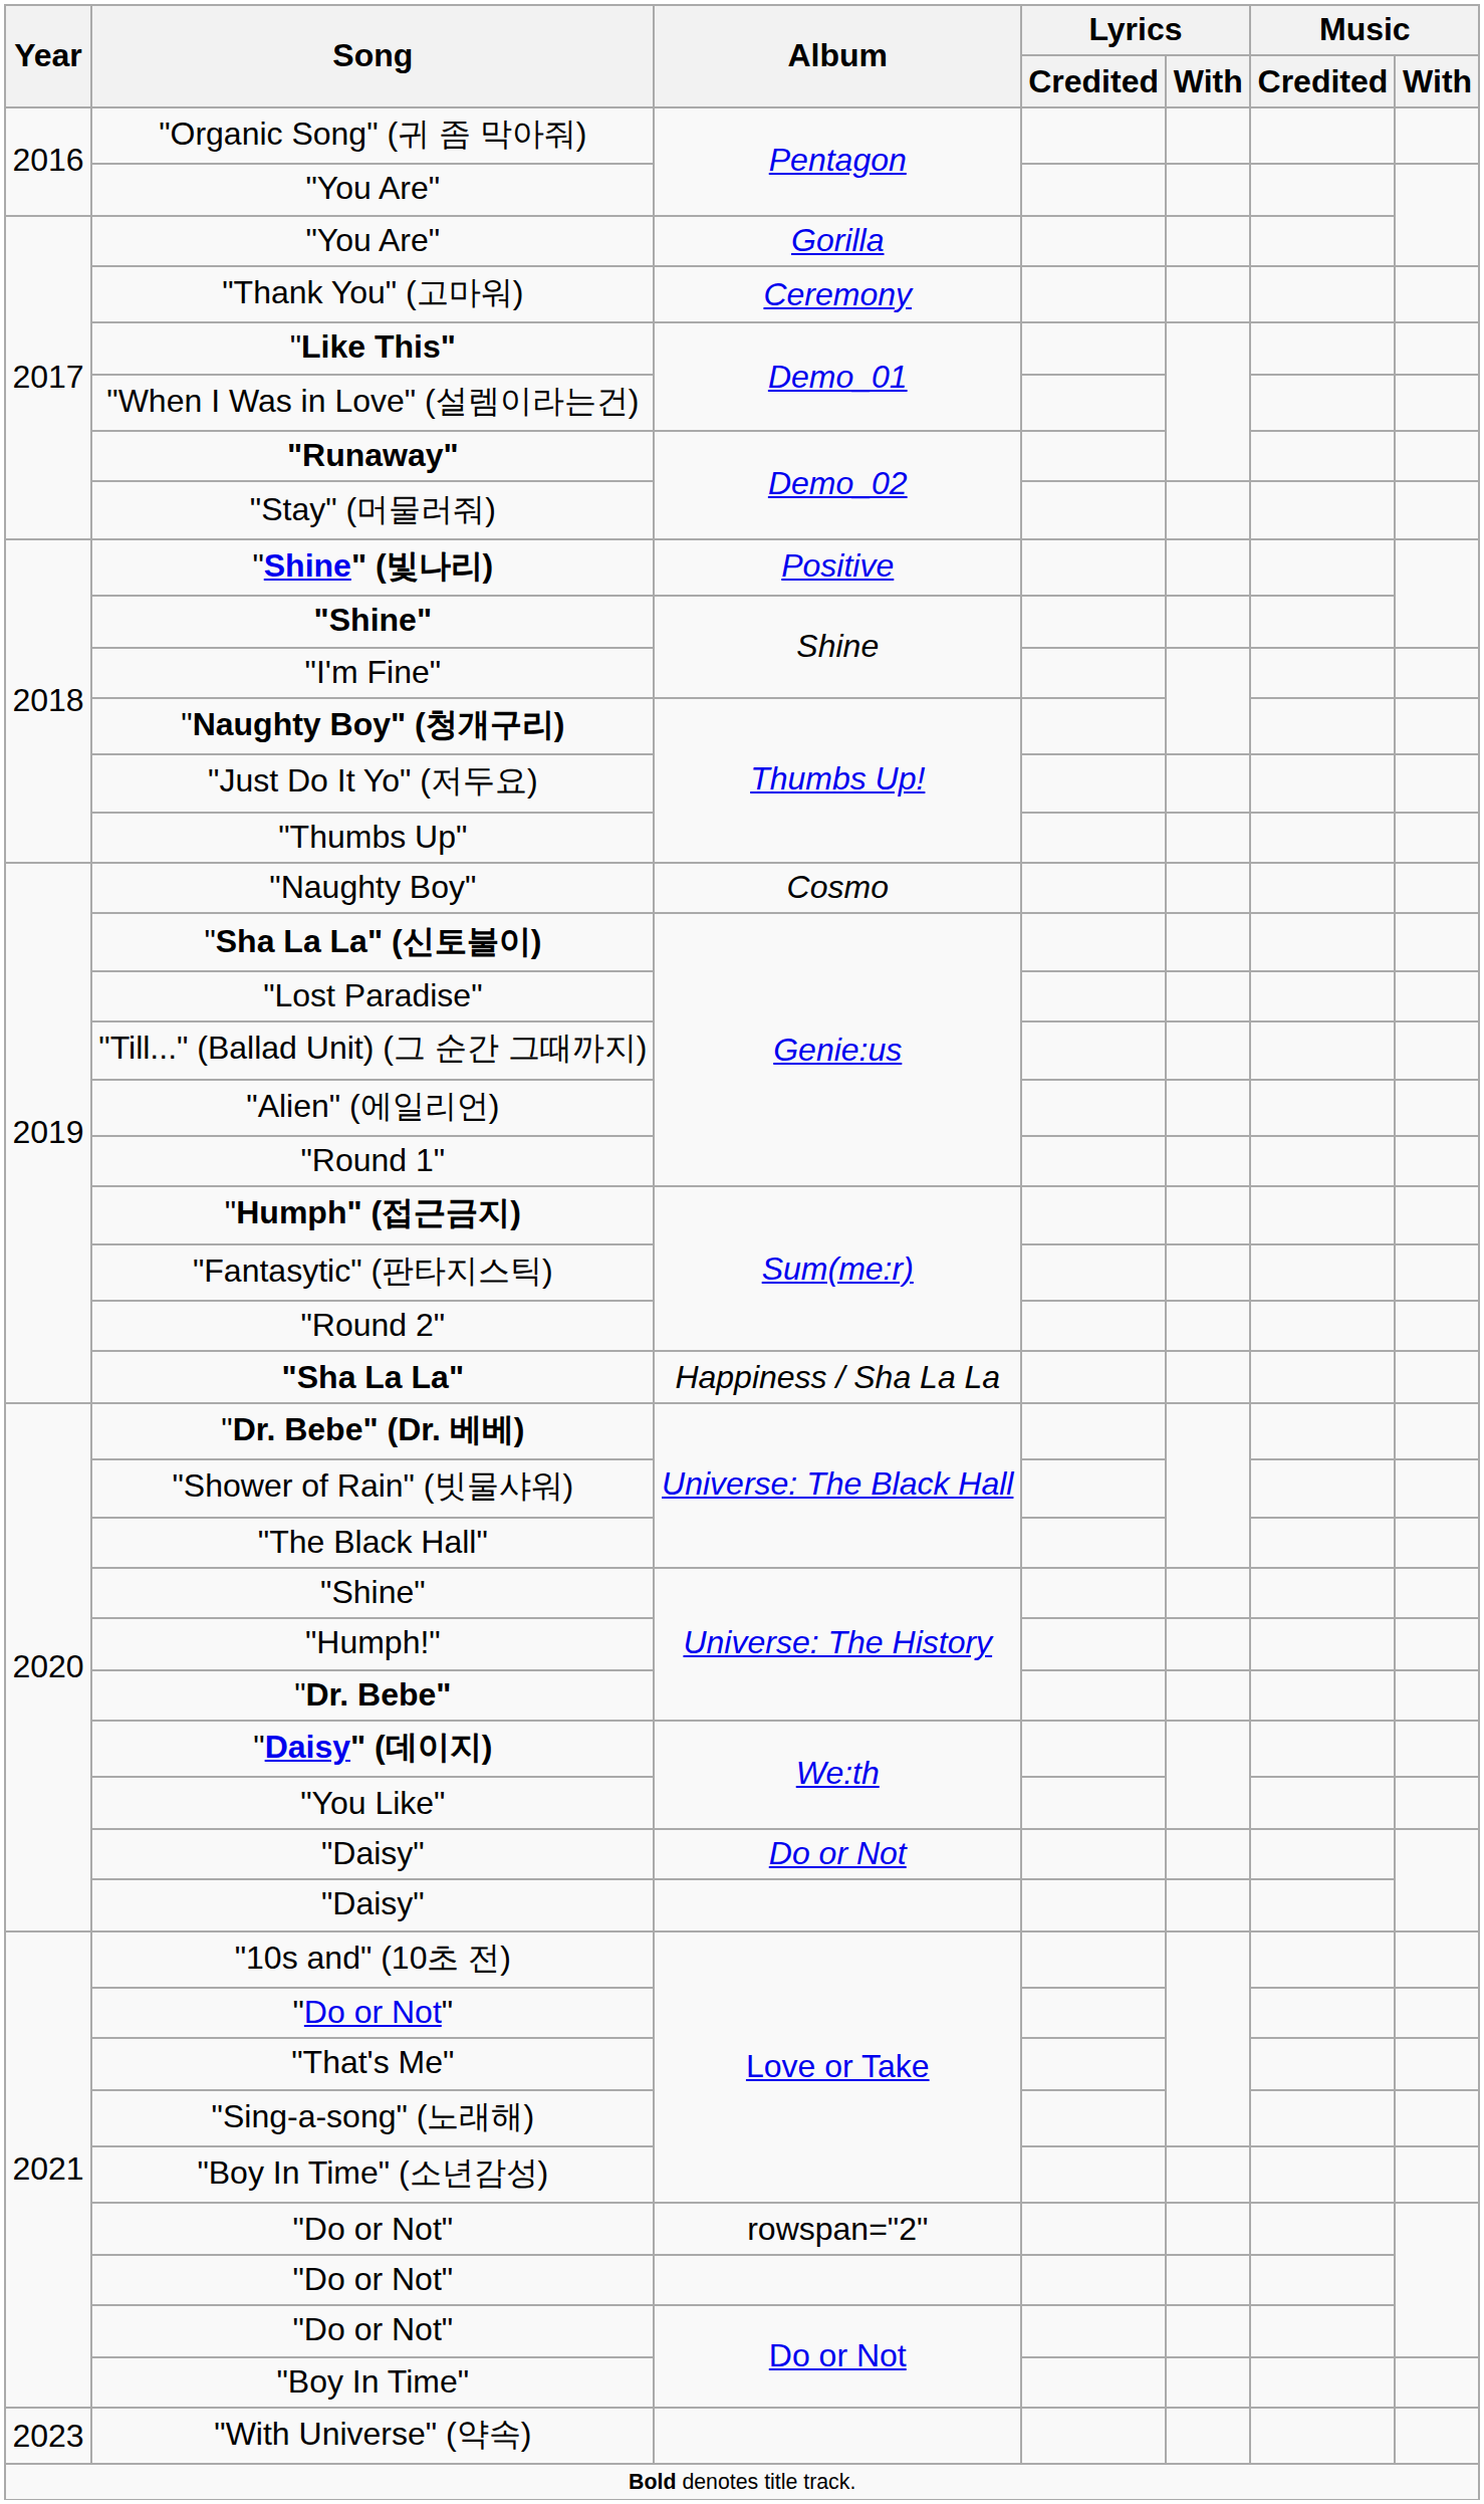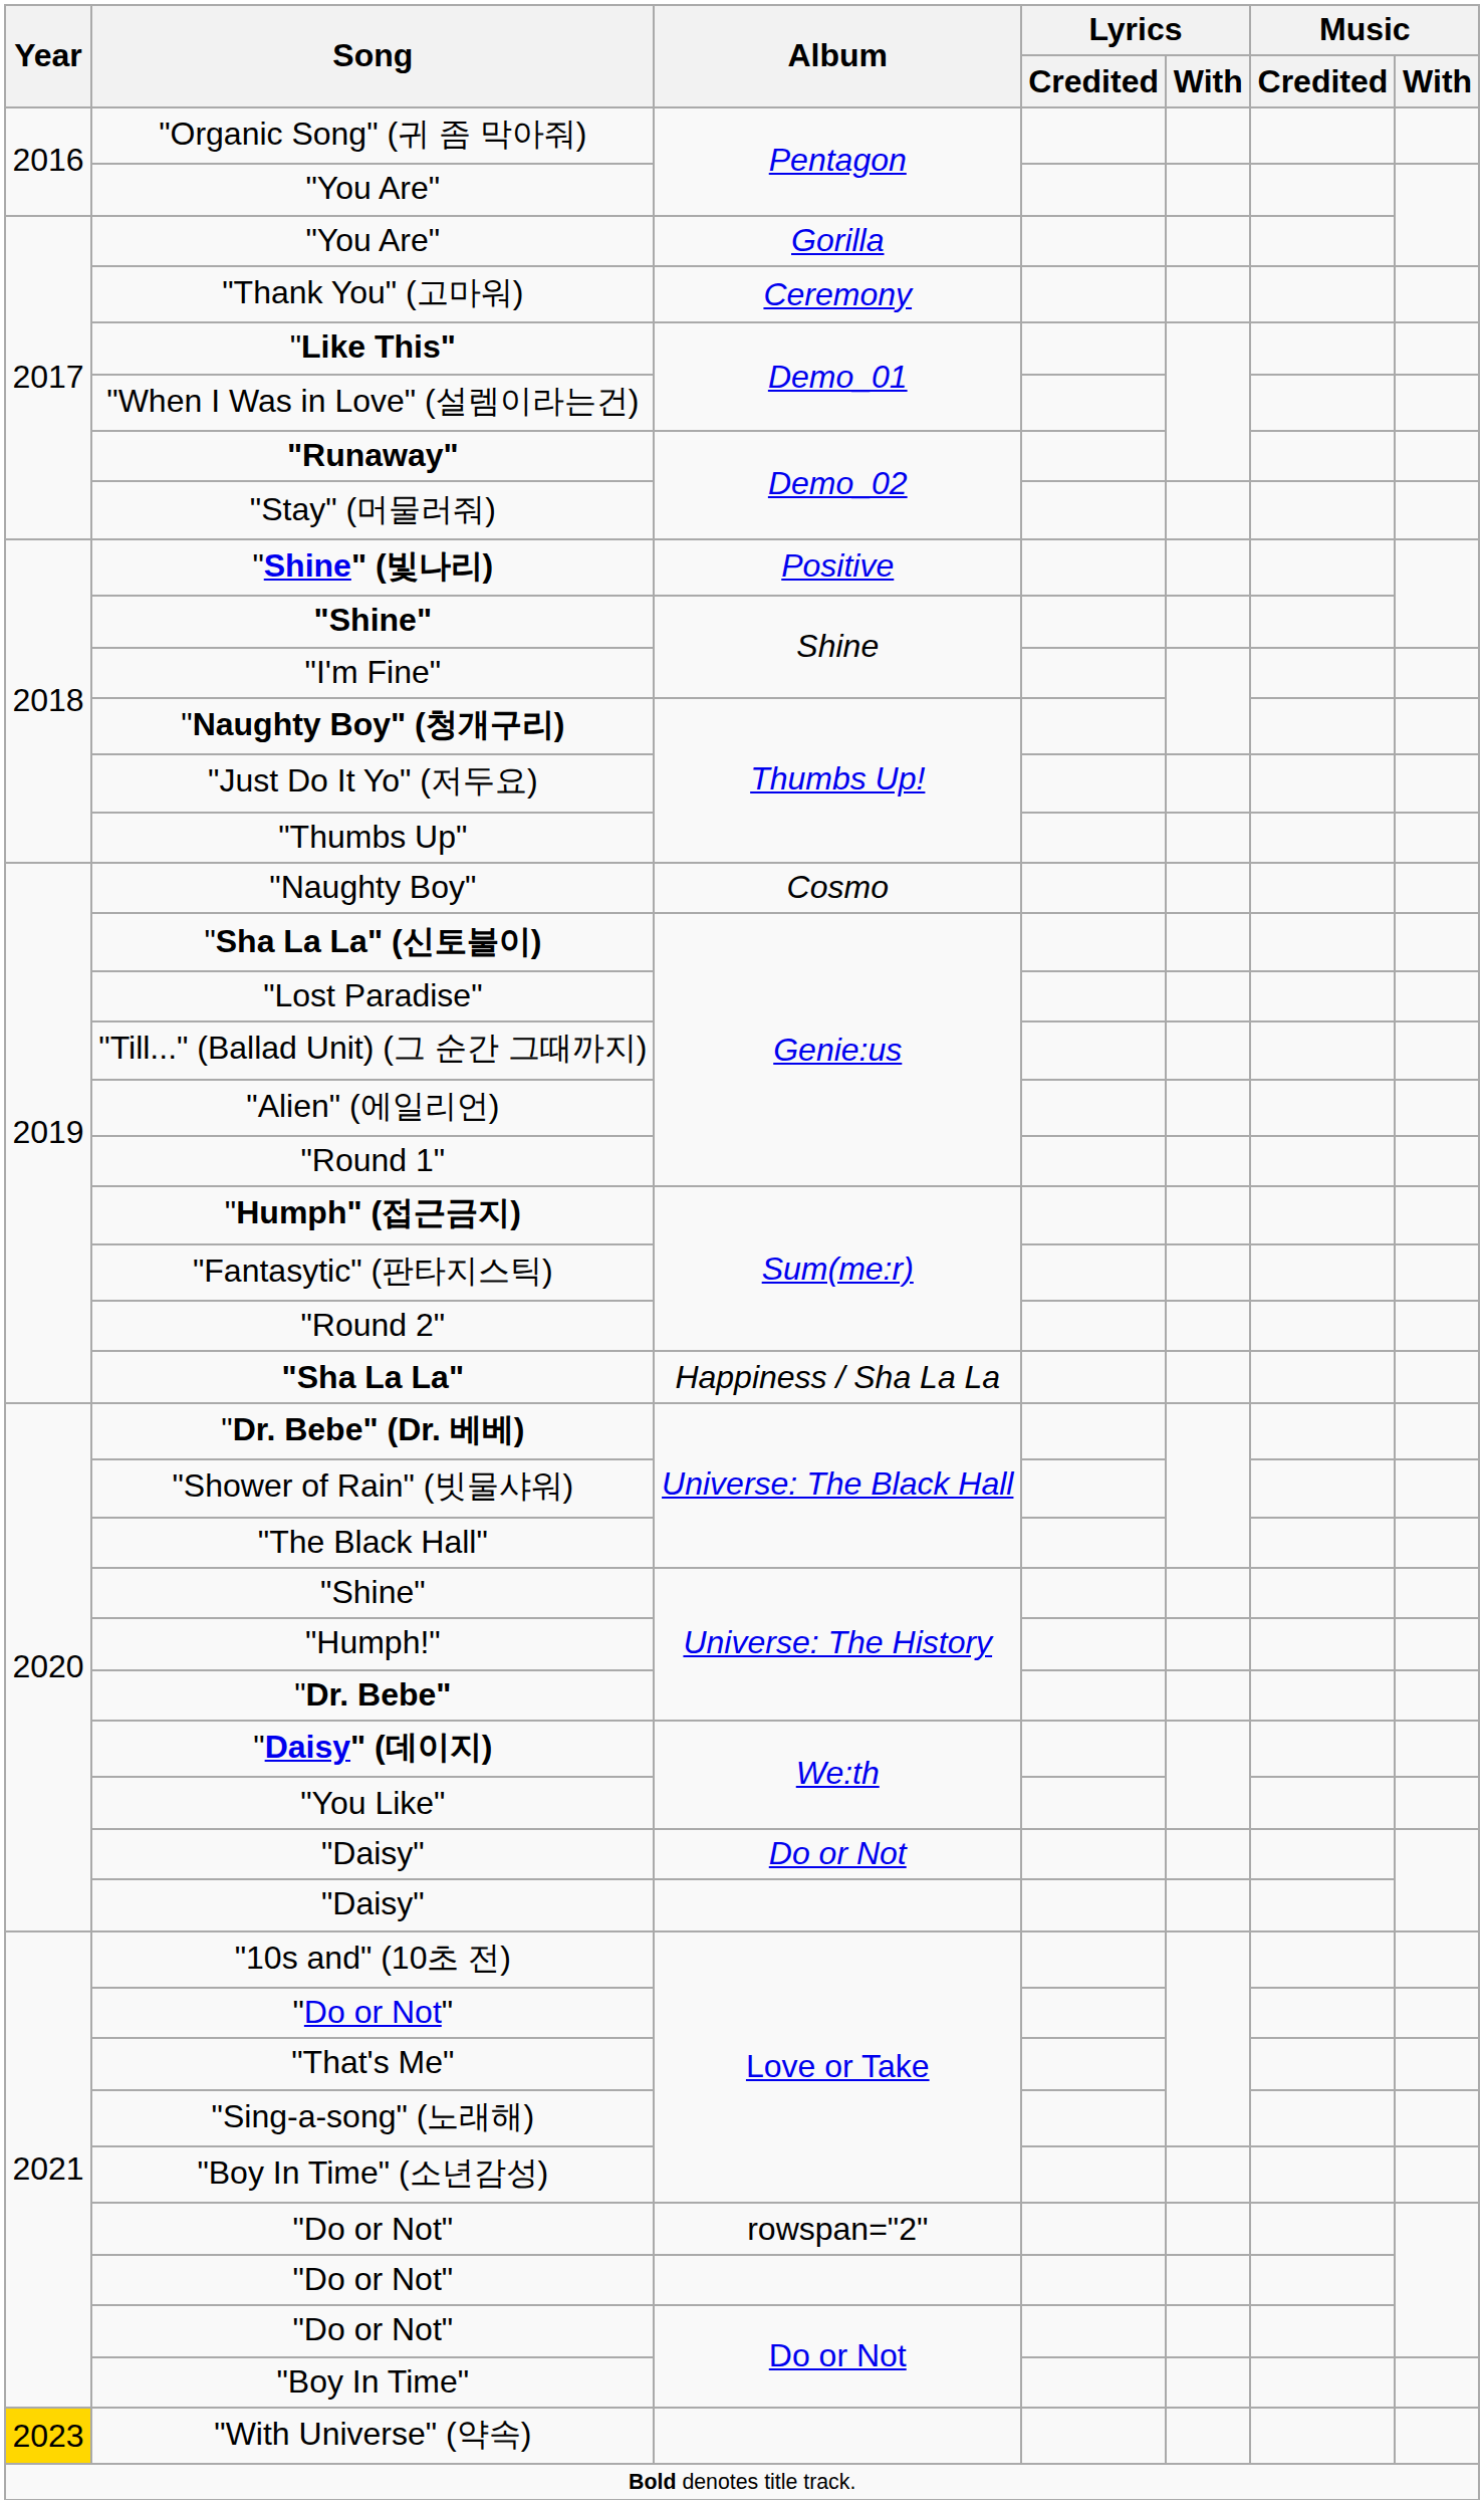 <table class="wikitable" style="text-align:center;">
 <tr>
 <th rowspan="2">Year</th>
 <th rowspan="2">Song</th>
 <th rowspan="2">Album</th>
 <th colspan="2">Lyrics</th>
 <th colspan="2">Music</th>
 </tr>
 <tr>
 <th>Credited</th>
 <th>With</th>
 <th>Credited</th>
 <th>With</th>
 </tr>
 <tr>
 <td rowspan="2">2016</td>
 <td>"Organic Song" (귀 좀 막아줘)</td>
 <td rowspan="2"><em><a href='#'>Pentagon</a></em></td>
 <td></td>
 <td></td>
 <td></td>
 <td></td>
 </tr>
 <tr>
 <td>"You Are"</td>
 <td></td>
 <td></td>
 <td></td>
 <td rowspan="2"></td>
 </tr>
 <tr>
 <td rowspan="6">2017</td>
 <td>"You Are" <strong></strong></td>
 <td><em><a href='#'>Gorilla</a></em></td>
 <td></td>
 <td></td>
 <td></td>
 </tr>
 <tr>
 <td>"Thank You" (고마워)</td>
 <td><em><a href='#'>Ceremony</a></em></td>
 <td></td>
 <td></td>
 <td></td>
 <td></td>
 </tr>
 <tr>
 <td>"<strong>Like This"</strong></td>
 <td rowspan="2"><em><a href='#'>Demo_01</a></em></td>
 <td></td>
 <td rowspan="3"></td>
 <td></td>
 <td></td>
 </tr>
 <tr>
 <td>"When I Was in Love" (설렘이라는건)</td>
 <td></td>
 <td></td>
 <td></td>
 </tr>
 <tr>
 <td><strong>"Runaway"</strong></td>
 <td rowspan="2"><em><a href='#'>Demo_02</a></em></td>
 <td></td>
 <td></td>
 <td></td>
 </tr>
 <tr>
 <td>"Stay" (머물러줘)</td>
 <td></td>
 <td></td>
 <td></td>
 <td></td>
 </tr>
 <tr>
 <td rowspan="6">2018</td>
 <td>"<strong><a href='#'>Shine</a>" (빛나리)</strong></td>
 <td><em><a href='#'>Positive</a></em></td>
 <td></td>
 <td></td>
 <td></td>
 <td rowspan="2"></td>
 </tr>
 <tr>
 <td><strong>"Shine" </strong></td>
 <td rowspan="2"><em>Shine</em></td>
 <td></td>
 <td></td>
 <td></td>
 </tr>
 <tr>
 <td>"I'm Fine"</td>
 <td></td>
 <td rowspan="2"></td>
 <td></td>
 <td></td>
 </tr>
 <tr>
 <td>"<strong>Naughty Boy" (청개구리)</strong></td>
 <td rowspan="3"><em><a href='#'>Thumbs Up!</a></em></td>
 <td></td>
 <td></td>
 <td></td>
 </tr>
 <tr>
 <td>"Just Do It Yo" (저두요)</td>
 <td></td>
 <td></td>
 <td></td>
 <td></td>
 </tr>
 <tr>
 <td>"Thumbs Up"</td>
 <td></td>
 <td></td>
 <td></td>
 <td></td>
 </tr>
 <tr>
 <td rowspan="10">2019</td>
 <td>"Naughty Boy" </td>
 <td><em>Cosmo</em></td>
 <td></td>
 <td></td>
 <td></td>
 <td></td>
 </tr>
 <tr>
 <td>"<strong>Sha La La" (신토불이)</strong></td>
 <td rowspan="5"><em><a href='#'>Genie:us</a></em></td>
 <td></td>
 <td></td>
 <td></td>
 <td></td>
 </tr>
 <tr>
 <td>"Lost Paradise" </td>
 <td></td>
 <td></td>
 <td></td>
 <td></td>
 </tr>
 <tr>
 <td>"Till..." (Ballad Unit) (그 순간 그때까지)</td>
 <td></td>
 <td></td>
 <td></td>
 <td></td>
 </tr>
 <tr>
 <td>"Alien" (에일리언)</td>
 <td></td>
 <td></td>
 <td></td>
 <td></td>
 </tr>
 <tr>
 <td>"Round 1"</td>
 <td></td>
 <td></td>
 <td></td>
 <td></td>
 </tr>
 <tr>
 <td>"<strong>Humph" (접근금지) </strong></td>
 <td rowspan="3"><em><a href='#'>Sum(me:r)</a></em></td>
 <td></td>
 <td></td>
 <td></td>
 <td></td>
 </tr>
 <tr>
 <td>"Fantasytic" (판타지스틱) </td>
 <td></td>
 <td></td>
 <td></td>
 <td></td>
 </tr>
 <tr>
 <td>"Round 2"</td>
 <td></td>
 <td></td>
 <td></td>
 <td></td>
 </tr>
 <tr>
 <td><strong>"Sha La La" </strong></td>
 <td><em>Happiness / Sha La La</em></td>
 <td></td>
 <td></td>
 <td></td>
 <td></td>
 </tr>
 <tr>
 <td rowspan="10">2020</td>
 <td>"<strong>Dr. Bebe" (Dr. 베베)</strong></td>
 <td rowspan="3"><em><a href='#'>Universe: The Black Hall</a></em></td>
 <td></td>
 <td rowspan="3"></td>
 <td></td>
 <td></td>
 </tr>
 <tr>
 <td>"Shower of Rain" (빗물샤워)</td>
 <td></td>
 <td></td>
 <td></td>
 </tr>
 <tr>
 <td>"The Black Hall"</td>
 <td></td>
 <td></td>
 <td></td>
 </tr>
 <tr>
 <td>"Shine" </td>
 <td rowspan="3"><em><a href='#'>Universe: The History</a></em></td>
 <td></td>
 <td></td>
 <td></td>
 <td></td>
 </tr>
 <tr>
 <td>"Humph!" </td>
 <td></td>
 <td></td>
 <td></td>
 <td></td>
 </tr>
 <tr>
 <td>"<strong>Dr. Bebe" </strong></td>
 <td></td>
 <td></td>
 <td></td>
 <td></td>
 </tr>
 <tr>
 <td>"<strong><a href='#'>Daisy</a>" (데이지)</strong></td>
 <td rowspan="2"><em><a href='#'>We:th</a></em></td>
 <td></td>
 <td rowspan="2"></td>
 <td></td>
 <td></td>
 </tr>
 <tr>
 <td>"You Like"</td>
 <td></td>
 <td></td>
 <td></td>
 </tr>
 <tr>
 <td>"Daisy" </td>
 <td><em><a href='#'>Do or Not</a><strong><strong><em></td>
 <td></td>
 <td></td>
 <td></td>
 <td rowspan="2"></td>
 </tr>
 <tr>
 <td>"Daisy" </td>
 <td></td>
 <td></td>
 <td></td>
 <td></td>
 </tr>
 <tr>
 <td rowspan="9">2021</td>
 <td>"10s and" (10초 전)</td>
 <td rowspan="5"></em><a href='#'>Love or Take</a><em></td>
 <td></td>
 <td rowspan="4"></td>
 <td></td>
 <td></td>
 </tr>
 <tr>
 <td></strong>"<a href='#'>Do or Not</a>"<strong></td>
 <td></td>
 <td></td>
 <td></td>
 </tr>
 <tr>
 <td>"That's Me"</td>
 <td></td>
 <td></td>
 <td></td>
 </tr>
 <tr>
 <td>"Sing-a-song" (노래해)</td>
 <td></td>
 <td></td>
 <td></td>
 </tr>
 <tr>
 <td>"Boy In Time" (소년감성) </td>
 <td></td>
 <td></td>
 <td></td>
 <td></td>
 </tr>
 <tr>
 <td>"Do or Not" </td>
 <td>rowspan="2" </td>
 <td></td>
 <td></td>
 <td></td>
 <td rowspan="3"></td>
 </tr>
 <tr>
 <td>"Do or Not" </td>
 <td></td>
 <td></td>
 <td></td>
 </tr>
 <tr>
 <td></strong>"Do or Not" <strong></td>
 <td rowspan="2"></em><a href='#'>Do or Not</a></strong></em></strong></td>
 <td></td>
 <td></td>
 <td></td>
 </tr>
 <tr>
 <td>"Boy In Time" </td>
 <td></td>
 <td></td>
 <td></td>
 <td></td>
 </tr>
 <tr>
-<td>2023</td>
+<td style="background: gold;">2023</td>
 <td>"With Universe" (약속)</td>
 <td></td>
 <td></td>
 <td></td>
 <td></td>
 <td></td>
 </tr>
 <tr>
 <td colspan="7" style="text-align:center; font-size:8pt;"><strong>Bold</strong> denotes title track.</td>
 </tr>
 </table>
